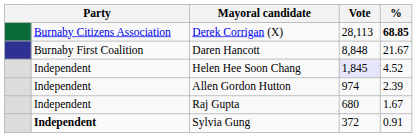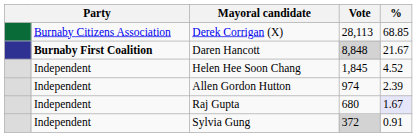 <table class="wikitable">
 <tr>
 <th bgcolor="#DDDDFF" width="250px" colspan="2">Party</th>
 <th bgcolor="#DDDDFF" width="200px">Mayoral candidate</th>
 <th bgcolor="#DDDDFF" width="50px">Vote</th>
 <th bgcolor="#DDDDFF" width="30px">%</th>
 </tr>
 <tr>
 <td style="background:#096C38;" width="30px"> </td>
 <td><a href='#'>Burnaby Citizens Association</a></td>
 <td><a href='#'>Derek Corrigan</a> (X)</td>
 <td>28,113</td>
-<td><strong>68.85</strong></td>
+<td>68.85</td>
 </tr>
 <tr>
 <td style="background:#2E3192;" width="30px"> </td>
-<td>Burnaby First Coalition</td>
+<td><strong>Burnaby First Coalition</strong></td>
 <td>Daren Hancott</td>
-<td>8,848</td>
+<td style="background: lightgrey;">8,848</td>
 <td>21.67</td>
 </tr>
 <tr>
 <td style="background:gainsboro" width="30px"> </td>
 <td>Independent</td>
 <td>Helen Hee Soon Chang</td>
-<td style="background: lavender;">1,845</td>
+<td>1,845</td>
 <td>4.52</td>
 </tr>
 <tr>
 <td style="background:gainsboro" width="30px"> </td>
 <td>Independent</td>
 <td>Allen Gordon Hutton</td>
 <td>974</td>
 <td>2.39</td>
 </tr>
 <tr>
 <td style="background:gainsboro" width="30px"> </td>
 <td>Independent</td>
 <td>Raj Gupta</td>
 <td>680</td>
-<td>1.67</td>
+<td style="background: lavender;">1.67</td>
 </tr>
 <tr>
 <td style="background:gainsboro" width="30px"> </td>
-<td><strong>Independent</strong></td>
+<td>Independent</td>
 <td>Sylvia Gung</td>
-<td>372</td>
+<td style="background: lightgrey;">372</td>
 <td>0.91</td>
 </tr>
 </table>
